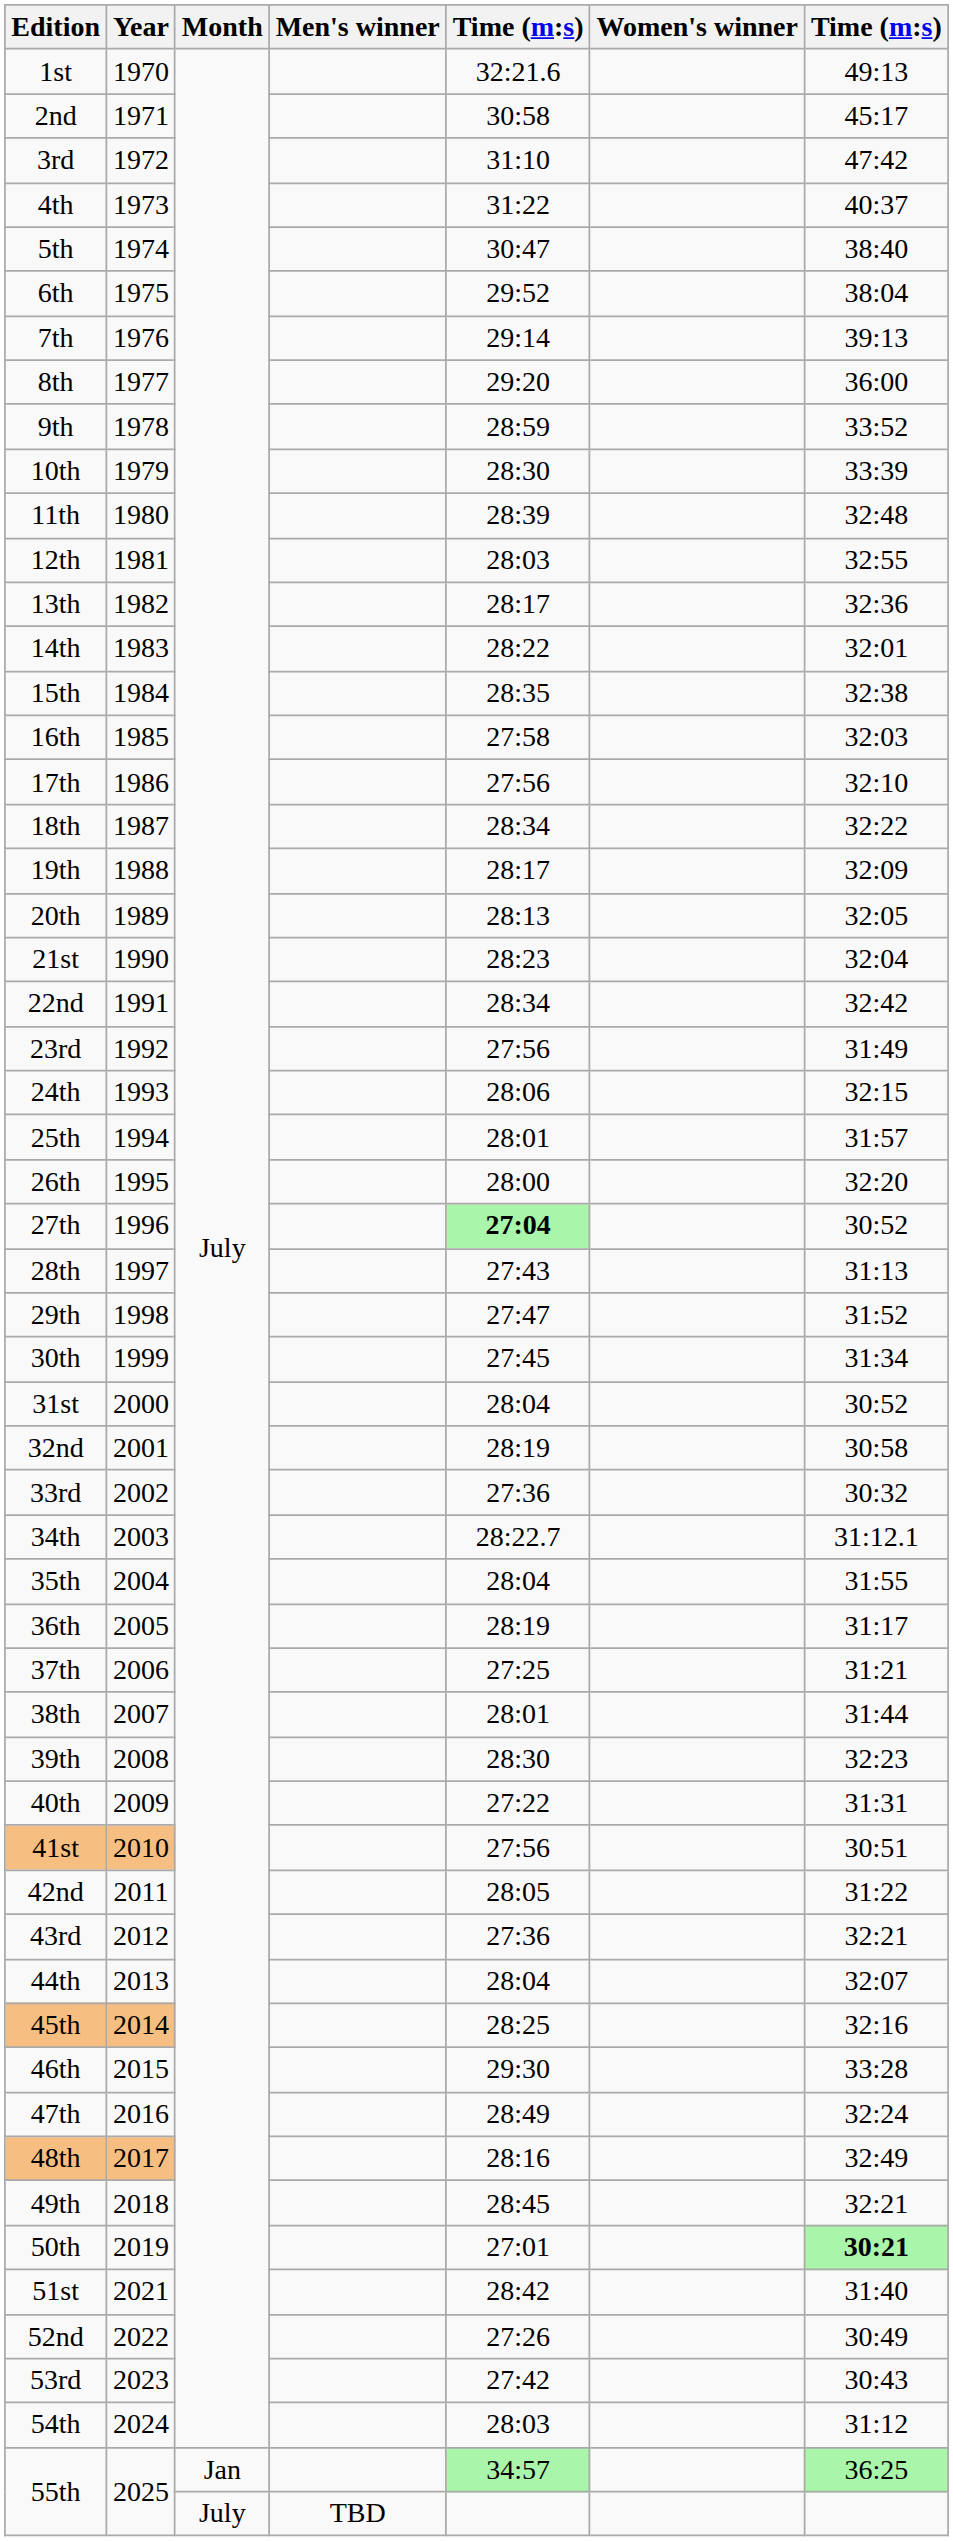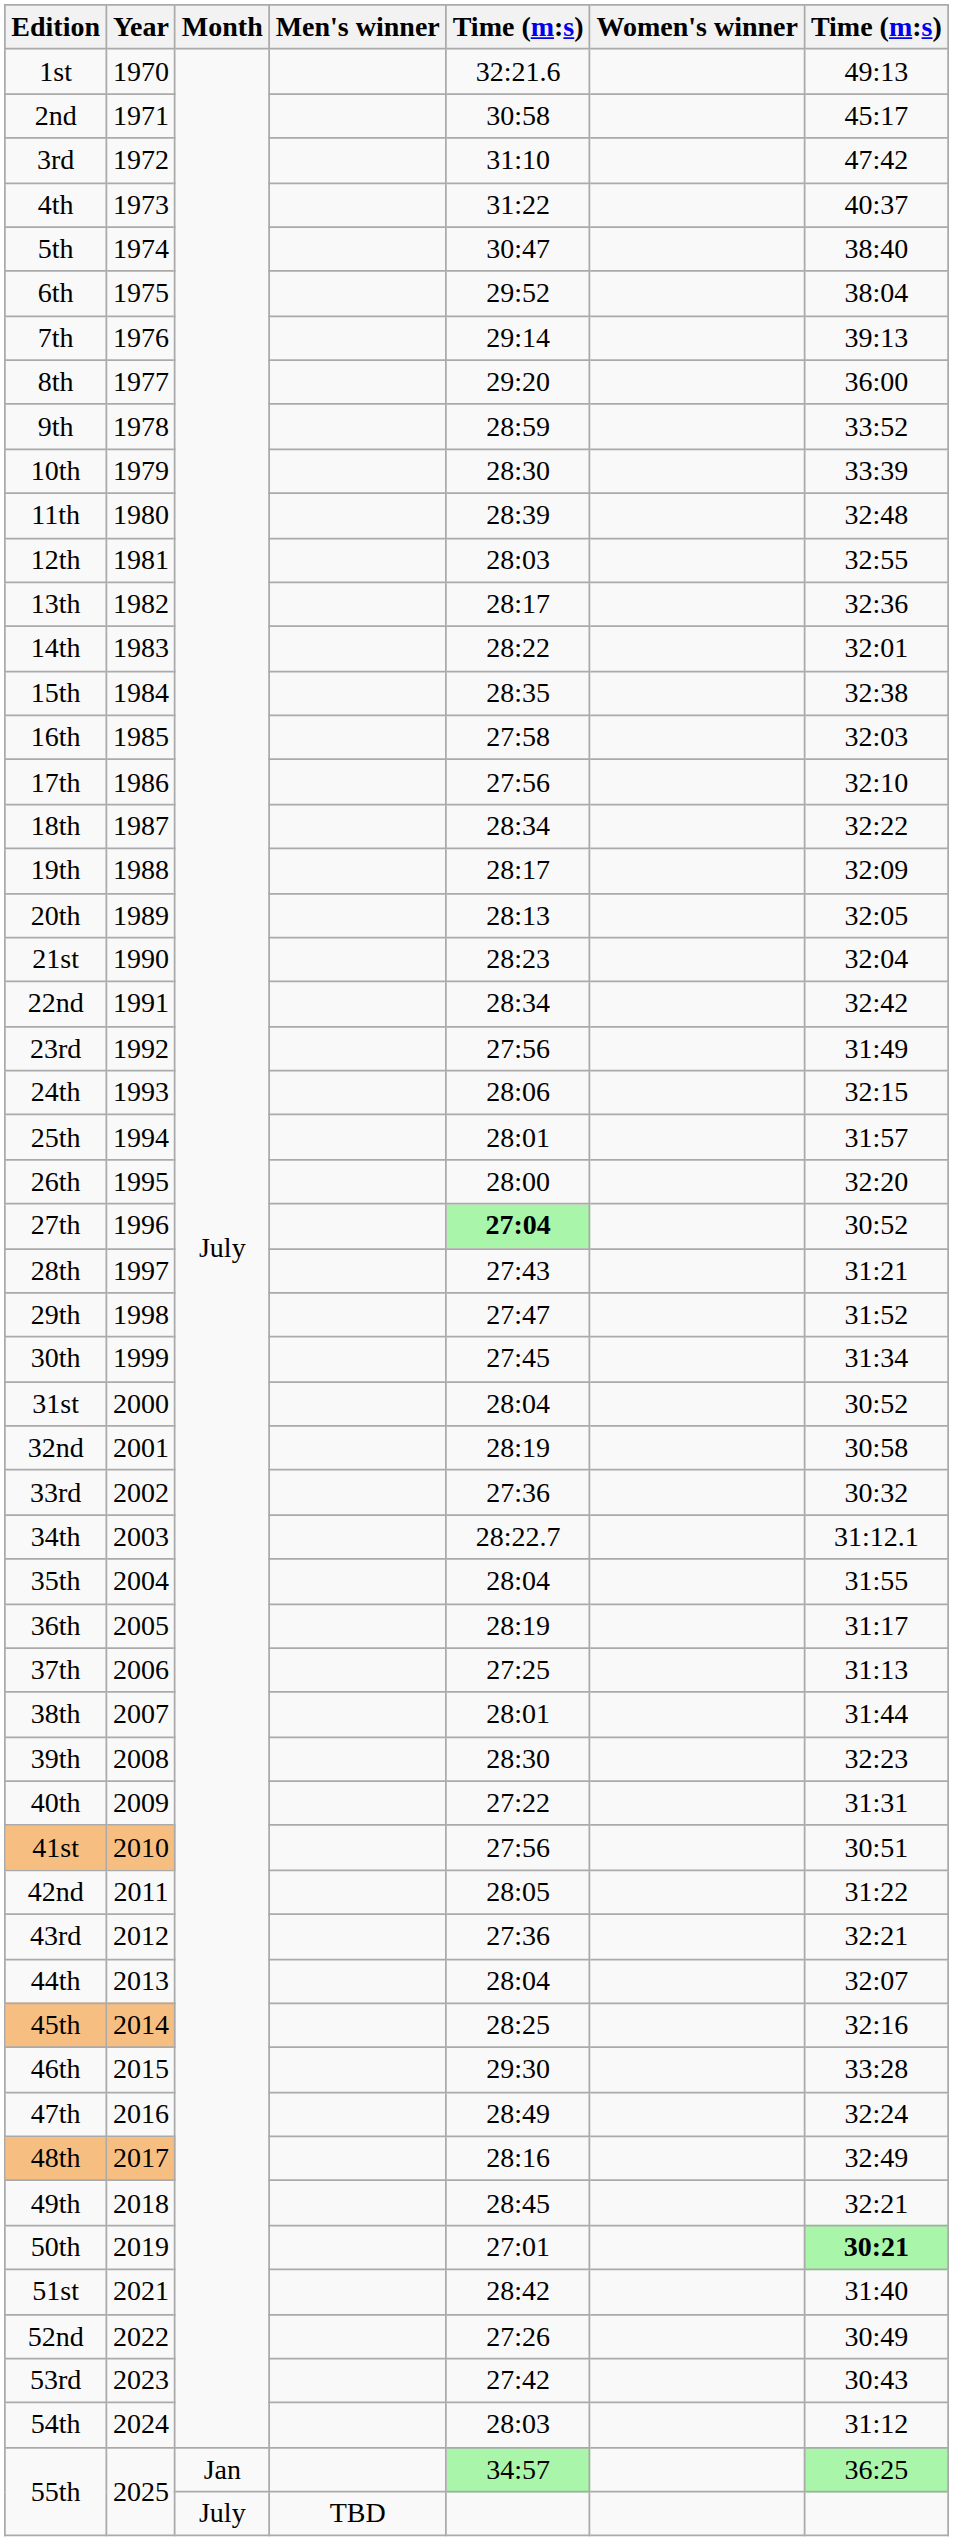 <table class="wikitable sortable" style="text-align:center">
 <tr>
 <th class=unsortable>Edition</th>
 <th>Year</th>
 <th>Month</th>
 <th class=unsortable>Men's winner</th>
 <th>Time (<a href='#'>m</a>:<a href='#'>s</a>)</th>
 <th class=unsortable>Women's winner</th>
 <th>Time (<a href='#'>m</a>:<a href='#'>s</a>)</th>
 </tr>
 <tr>
 <td>1st</td>
 <td>1970</td>
 <td rowspan=54>July</td>
 <td align=left></td>
 <td>32:21.6</td>
 <td align=left></td>
 <td>49:13</td>
 </tr>
 <tr>
 <td>2nd</td>
 <td>1971</td>
 <td align=left></td>
 <td>30:58</td>
 <td align=left></td>
 <td>45:17</td>
 </tr>
 <tr>
 <td>3rd</td>
 <td>1972</td>
 <td align=left></td>
 <td>31:10</td>
 <td align=left></td>
 <td>47:42</td>
 </tr>
 <tr>
 <td>4th</td>
 <td>1973</td>
 <td align=left></td>
 <td>31:22</td>
 <td align=left></td>
 <td>40:37</td>
 </tr>
 <tr>
 <td>5th</td>
 <td>1974</td>
 <td align=left></td>
 <td>30:47</td>
 <td align=left></td>
 <td>38:40</td>
 </tr>
 <tr>
 <td>6th</td>
 <td>1975</td>
 <td align=left></td>
 <td>29:52</td>
 <td align=left></td>
 <td>38:04</td>
 </tr>
 <tr>
 <td>7th</td>
 <td>1976</td>
 <td align=left></td>
 <td>29:14</td>
 <td align=left></td>
 <td>39:13</td>
 </tr>
 <tr>
 <td>8th</td>
 <td>1977</td>
 <td align=left></td>
 <td>29:20</td>
 <td align=left></td>
 <td>36:00</td>
 </tr>
 <tr>
 <td>9th</td>
 <td>1978</td>
 <td align=left></td>
 <td>28:59</td>
 <td align=left></td>
 <td>33:52</td>
 </tr>
 <tr>
 <td>10th</td>
 <td>1979</td>
 <td align=left></td>
 <td>28:30</td>
 <td align=left></td>
 <td>33:39</td>
 </tr>
 <tr>
 <td>11th</td>
 <td>1980</td>
 <td align=left></td>
 <td>28:39</td>
 <td align=left></td>
 <td>32:48</td>
 </tr>
 <tr>
 <td>12th</td>
 <td>1981</td>
 <td align=left></td>
 <td>28:03</td>
 <td align=left></td>
 <td>32:55</td>
 </tr>
 <tr>
 <td>13th</td>
 <td>1982</td>
 <td align=left></td>
 <td>28:17</td>
 <td align=left></td>
 <td>32:36</td>
 </tr>
 <tr>
 <td>14th</td>
 <td>1983</td>
 <td align=left></td>
 <td>28:22</td>
 <td align=left></td>
 <td>32:01</td>
 </tr>
 <tr>
 <td>15th</td>
 <td>1984</td>
 <td align=left></td>
 <td>28:35</td>
 <td align=left></td>
 <td>32:38</td>
 </tr>
 <tr>
 <td>16th</td>
 <td>1985</td>
 <td align=left></td>
 <td>27:58</td>
 <td align=left></td>
 <td>32:03</td>
 </tr>
 <tr>
 <td>17th</td>
 <td>1986</td>
 <td align=left></td>
 <td>27:56</td>
 <td align=left></td>
 <td>32:10</td>
 </tr>
 <tr>
 <td>18th</td>
 <td>1987</td>
 <td align=left></td>
 <td>28:34</td>
 <td align=left></td>
 <td>32:22</td>
 </tr>
 <tr>
 <td>19th</td>
 <td>1988</td>
 <td align=left></td>
 <td>28:17</td>
 <td align=left></td>
 <td>32:09</td>
 </tr>
 <tr>
 <td>20th</td>
 <td>1989</td>
 <td align=left></td>
 <td>28:13</td>
 <td align=left></td>
 <td>32:05</td>
 </tr>
 <tr>
 <td>21st</td>
 <td>1990</td>
 <td align=left></td>
 <td>28:23</td>
 <td align=left></td>
 <td>32:04</td>
 </tr>
 <tr>
 <td>22nd</td>
 <td>1991</td>
 <td align=left></td>
 <td>28:34</td>
 <td align=left></td>
 <td>32:42</td>
 </tr>
 <tr>
 <td>23rd</td>
 <td>1992</td>
 <td align=left></td>
 <td>27:56</td>
 <td align=left></td>
 <td>31:49</td>
 </tr>
 <tr>
 <td>24th</td>
 <td>1993</td>
 <td align=left></td>
 <td>28:06</td>
 <td align=left></td>
 <td>32:15</td>
 </tr>
 <tr>
 <td>25th</td>
 <td>1994</td>
 <td align=left></td>
 <td>28:01</td>
 <td align=left></td>
 <td>31:57</td>
 </tr>
 <tr>
 <td>26th</td>
 <td>1995</td>
 <td align=left></td>
 <td>28:00</td>
 <td align=left></td>
 <td>32:20</td>
 </tr>
 <tr>
 <td>27th</td>
 <td>1996</td>
 <td align=left></td>
 <td style="background:#a9f5a9;"><strong>27:04</strong></td>
 <td align=left></td>
 <td>30:52</td>
 </tr>
 <tr>
 <td>28th</td>
 <td>1997</td>
 <td align=left></td>
 <td>27:43</td>
 <td align=left></td>
-<td>31:13</td>
+<td>31:21</td>
 </tr>
 <tr>
 <td>29th</td>
 <td>1998</td>
 <td align=left></td>
 <td>27:47</td>
 <td align=left></td>
 <td>31:52</td>
 </tr>
 <tr>
 <td>30th</td>
 <td>1999</td>
 <td align=left></td>
 <td>27:45</td>
 <td align=left></td>
 <td>31:34</td>
 </tr>
 <tr>
 <td>31st</td>
 <td>2000</td>
 <td align=left></td>
 <td>28:04</td>
 <td align=left></td>
 <td>30:52</td>
 </tr>
 <tr>
 <td>32nd</td>
 <td>2001</td>
 <td align=left></td>
 <td>28:19</td>
 <td align=left></td>
 <td>30:58</td>
 </tr>
 <tr>
 <td>33rd</td>
 <td>2002</td>
 <td align=left></td>
 <td>27:36</td>
 <td align=left></td>
 <td>30:32</td>
 </tr>
 <tr>
 <td>34th</td>
 <td>2003</td>
 <td align=left></td>
 <td>28:22.7</td>
 <td align=left></td>
 <td>31:12.1</td>
 </tr>
 <tr>
 <td>35th</td>
 <td>2004</td>
 <td align=left></td>
 <td>28:04</td>
 <td align=left></td>
 <td>31:55</td>
 </tr>
 <tr>
 <td>36th</td>
 <td>2005</td>
 <td align=left></td>
 <td>28:19</td>
 <td align=left></td>
 <td>31:17</td>
 </tr>
 <tr>
 <td>37th</td>
 <td>2006</td>
 <td align=left></td>
 <td>27:25</td>
 <td align=left></td>
-<td>31:21</td>
+<td>31:13</td>
 </tr>
 <tr>
 <td>38th</td>
 <td>2007</td>
 <td align=left></td>
 <td>28:01</td>
 <td align=left></td>
 <td>31:44</td>
 </tr>
 <tr>
 <td>39th</td>
 <td>2008</td>
 <td align=left></td>
 <td>28:30</td>
 <td align=left></td>
 <td>32:23</td>
 </tr>
 <tr>
 <td>40th</td>
 <td>2009</td>
 <td align=left></td>
 <td>27:22</td>
 <td align=left></td>
 <td>31:31</td>
 </tr>
 <tr>
 <td style="background:#f7be81;">41st</td>
 <td style="background:#f7be81;">2010</td>
 <td align=left></td>
 <td>27:56</td>
 <td align=left></td>
 <td>30:51</td>
 </tr>
 <tr>
 <td>42nd</td>
 <td>2011</td>
 <td align=left></td>
 <td>28:05</td>
 <td align=left></td>
 <td>31:22</td>
 </tr>
 <tr>
 <td>43rd</td>
 <td>2012</td>
 <td align=left></td>
 <td>27:36</td>
 <td align=left></td>
 <td>32:21</td>
 </tr>
 <tr>
 <td>44th</td>
 <td>2013</td>
 <td align=left></td>
 <td>28:04</td>
 <td align=left></td>
 <td>32:07</td>
 </tr>
 <tr>
 <td style="background:#f7be81;">45th</td>
 <td style="background:#f7be81;">2014</td>
 <td align=left></td>
 <td>28:25</td>
 <td align=left></td>
 <td>32:16</td>
 </tr>
 <tr>
 <td>46th</td>
 <td>2015</td>
 <td align=left></td>
 <td>29:30</td>
 <td align=left></td>
 <td>33:28</td>
 </tr>
 <tr>
 <td>47th</td>
 <td>2016</td>
 <td align=left></td>
 <td>28:49</td>
 <td align=left></td>
 <td>32:24</td>
 </tr>
 <tr>
 <td style="background:#f7be81;">48th</td>
 <td style="background:#f7be81;">2017</td>
 <td align=left></td>
 <td>28:16</td>
 <td align=left></td>
 <td>32:49</td>
 </tr>
 <tr>
 <td>49th</td>
 <td>2018</td>
 <td align=left></td>
 <td>28:45</td>
 <td align=left></td>
 <td>32:21</td>
 </tr>
 <tr>
 <td>50th</td>
 <td>2019</td>
 <td align=left></td>
 <td>27:01</td>
 <td align=left></td>
 <td style="background:#a9f5a9;"><strong>30:21</strong></td>
 </tr>
 <tr>
 <td>51st</td>
 <td>2021</td>
 <td align=left></td>
 <td>28:42</td>
 <td align=left></td>
 <td>31:40</td>
 </tr>
 <tr>
 <td>52nd</td>
 <td>2022</td>
 <td align=left></td>
 <td>27:26</td>
 <td align=left></td>
 <td>30:49</td>
 </tr>
 <tr>
 <td>53rd</td>
 <td>2023</td>
 <td align=left></td>
 <td>27:42</td>
 <td align=left></td>
 <td>30:43</td>
 </tr>
 <tr>
 <td>54th</td>
 <td>2024</td>
 <td align=left></td>
 <td>28:03</td>
 <td align=left></td>
 <td>31:12</td>
 </tr>
 <tr>
 <td rowspan=2>55th</td>
 <td rowspan=2>2025</td>
 <td>Jan</td>
 <td align=left></td>
 <td style="background:#a9f5a9;">34:57</td>
 <td align=left></td>
 <td style="background:#a9f5a9;">36:25</td>
 </tr>
 <tr>
 <td>July</td>
 <td>TBD</td>
 <td></td>
 <td></td>
 <td></td>
 </tr>
 </table>
